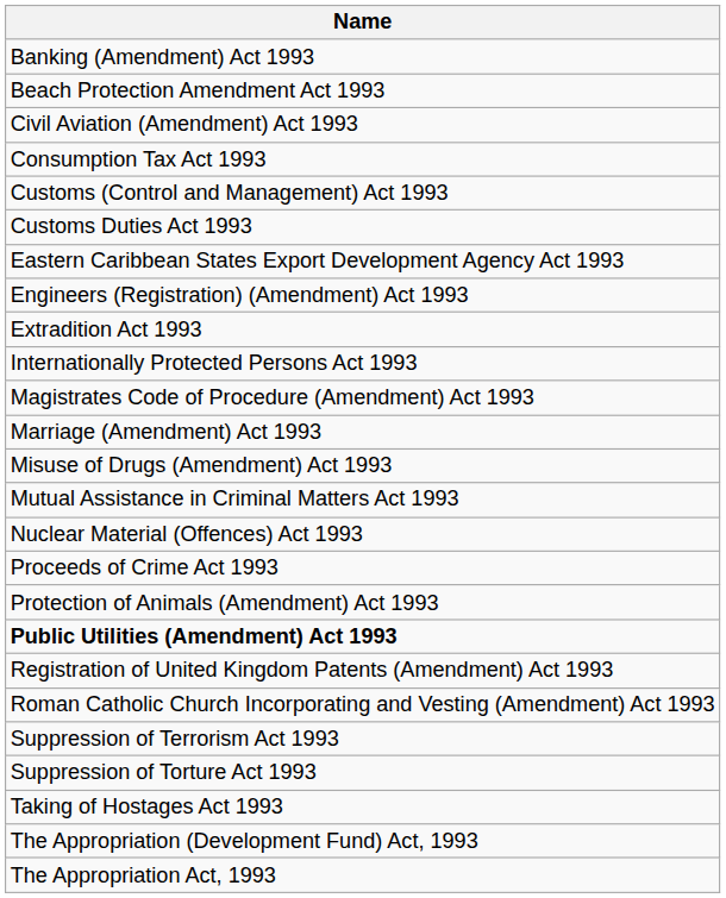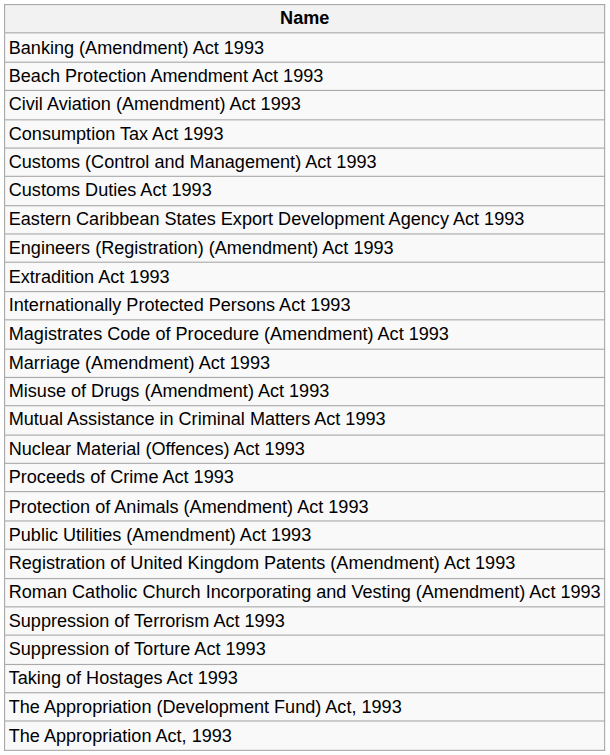 <table class="wikitable">
 <tr>
 <th>Name</th>
 </tr>
 <tr>
 <td>Banking (Amendment) Act 1993</td>
 </tr>
 <tr>
 <td>Beach Protection Amendment Act 1993</td>
 </tr>
 <tr>
 <td>Civil Aviation (Amendment) Act 1993</td>
 </tr>
 <tr>
 <td>Consumption Tax Act 1993</td>
 </tr>
 <tr>
 <td>Customs (Control and Management) Act 1993</td>
 </tr>
 <tr>
 <td>Customs Duties Act 1993</td>
 </tr>
 <tr>
 <td>Eastern Caribbean States Export Development Agency Act 1993</td>
 </tr>
 <tr>
 <td>Engineers (Registration) (Amendment) Act 1993</td>
 </tr>
 <tr>
 <td>Extradition Act 1993</td>
 </tr>
 <tr>
 <td>Internationally Protected Persons Act 1993</td>
 </tr>
 <tr>
 <td>Magistrates Code of Procedure (Amendment) Act 1993</td>
 </tr>
 <tr>
 <td>Marriage (Amendment) Act 1993</td>
 </tr>
 <tr>
 <td>Misuse of Drugs (Amendment) Act 1993</td>
 </tr>
 <tr>
 <td>Mutual Assistance in Criminal Matters Act 1993</td>
 </tr>
 <tr>
 <td>Nuclear Material (Offences) Act 1993</td>
 </tr>
 <tr>
 <td>Proceeds of Crime Act 1993</td>
 </tr>
 <tr>
 <td>Protection of Animals (Amendment) Act 1993</td>
 </tr>
 <tr>
-<td><strong>Public Utilities (Amendment) Act 1993</strong></td>
+<td>Public Utilities (Amendment) Act 1993</td>
 </tr>
 <tr>
 <td>Registration of United Kingdom Patents (Amendment) Act 1993</td>
 </tr>
 <tr>
 <td>Roman Catholic Church Incorporating and Vesting (Amendment) Act 1993</td>
 </tr>
 <tr>
 <td>Suppression of Terrorism Act 1993</td>
 </tr>
 <tr>
 <td>Suppression of Torture Act 1993</td>
 </tr>
 <tr>
 <td>Taking of Hostages Act 1993</td>
 </tr>
 <tr>
 <td>The Appropriation (Development Fund) Act, 1993</td>
 </tr>
 <tr>
 <td>The Appropriation Act, 1993</td>
 </tr>
 </table>
